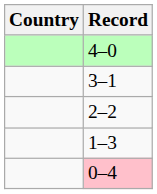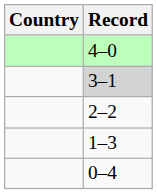 <table class="wikitable">
 <tr>
 <th>Country</th>
 <th>Record</th>
 </tr>
 <tr bgcolor=#bbffbb>
 <td><strong></strong></td>
 <td>4–0</td>
 </tr>
 <tr>
 <td><strong></strong></td>
-<td>3–1</td>
+<td style="background: lightgrey;">3–1</td>
 </tr>
 <tr>
 <td><strong></strong></td>
 <td>2–2</td>
 </tr>
 <tr>
 <td><strong></strong></td>
 <td>1–3</td>
 </tr>
 <tr>
 <td><strong></strong></td>
-<td style="background: pink;">0–4</td>
+<td>0–4</td>
 </tr>
 </table>
